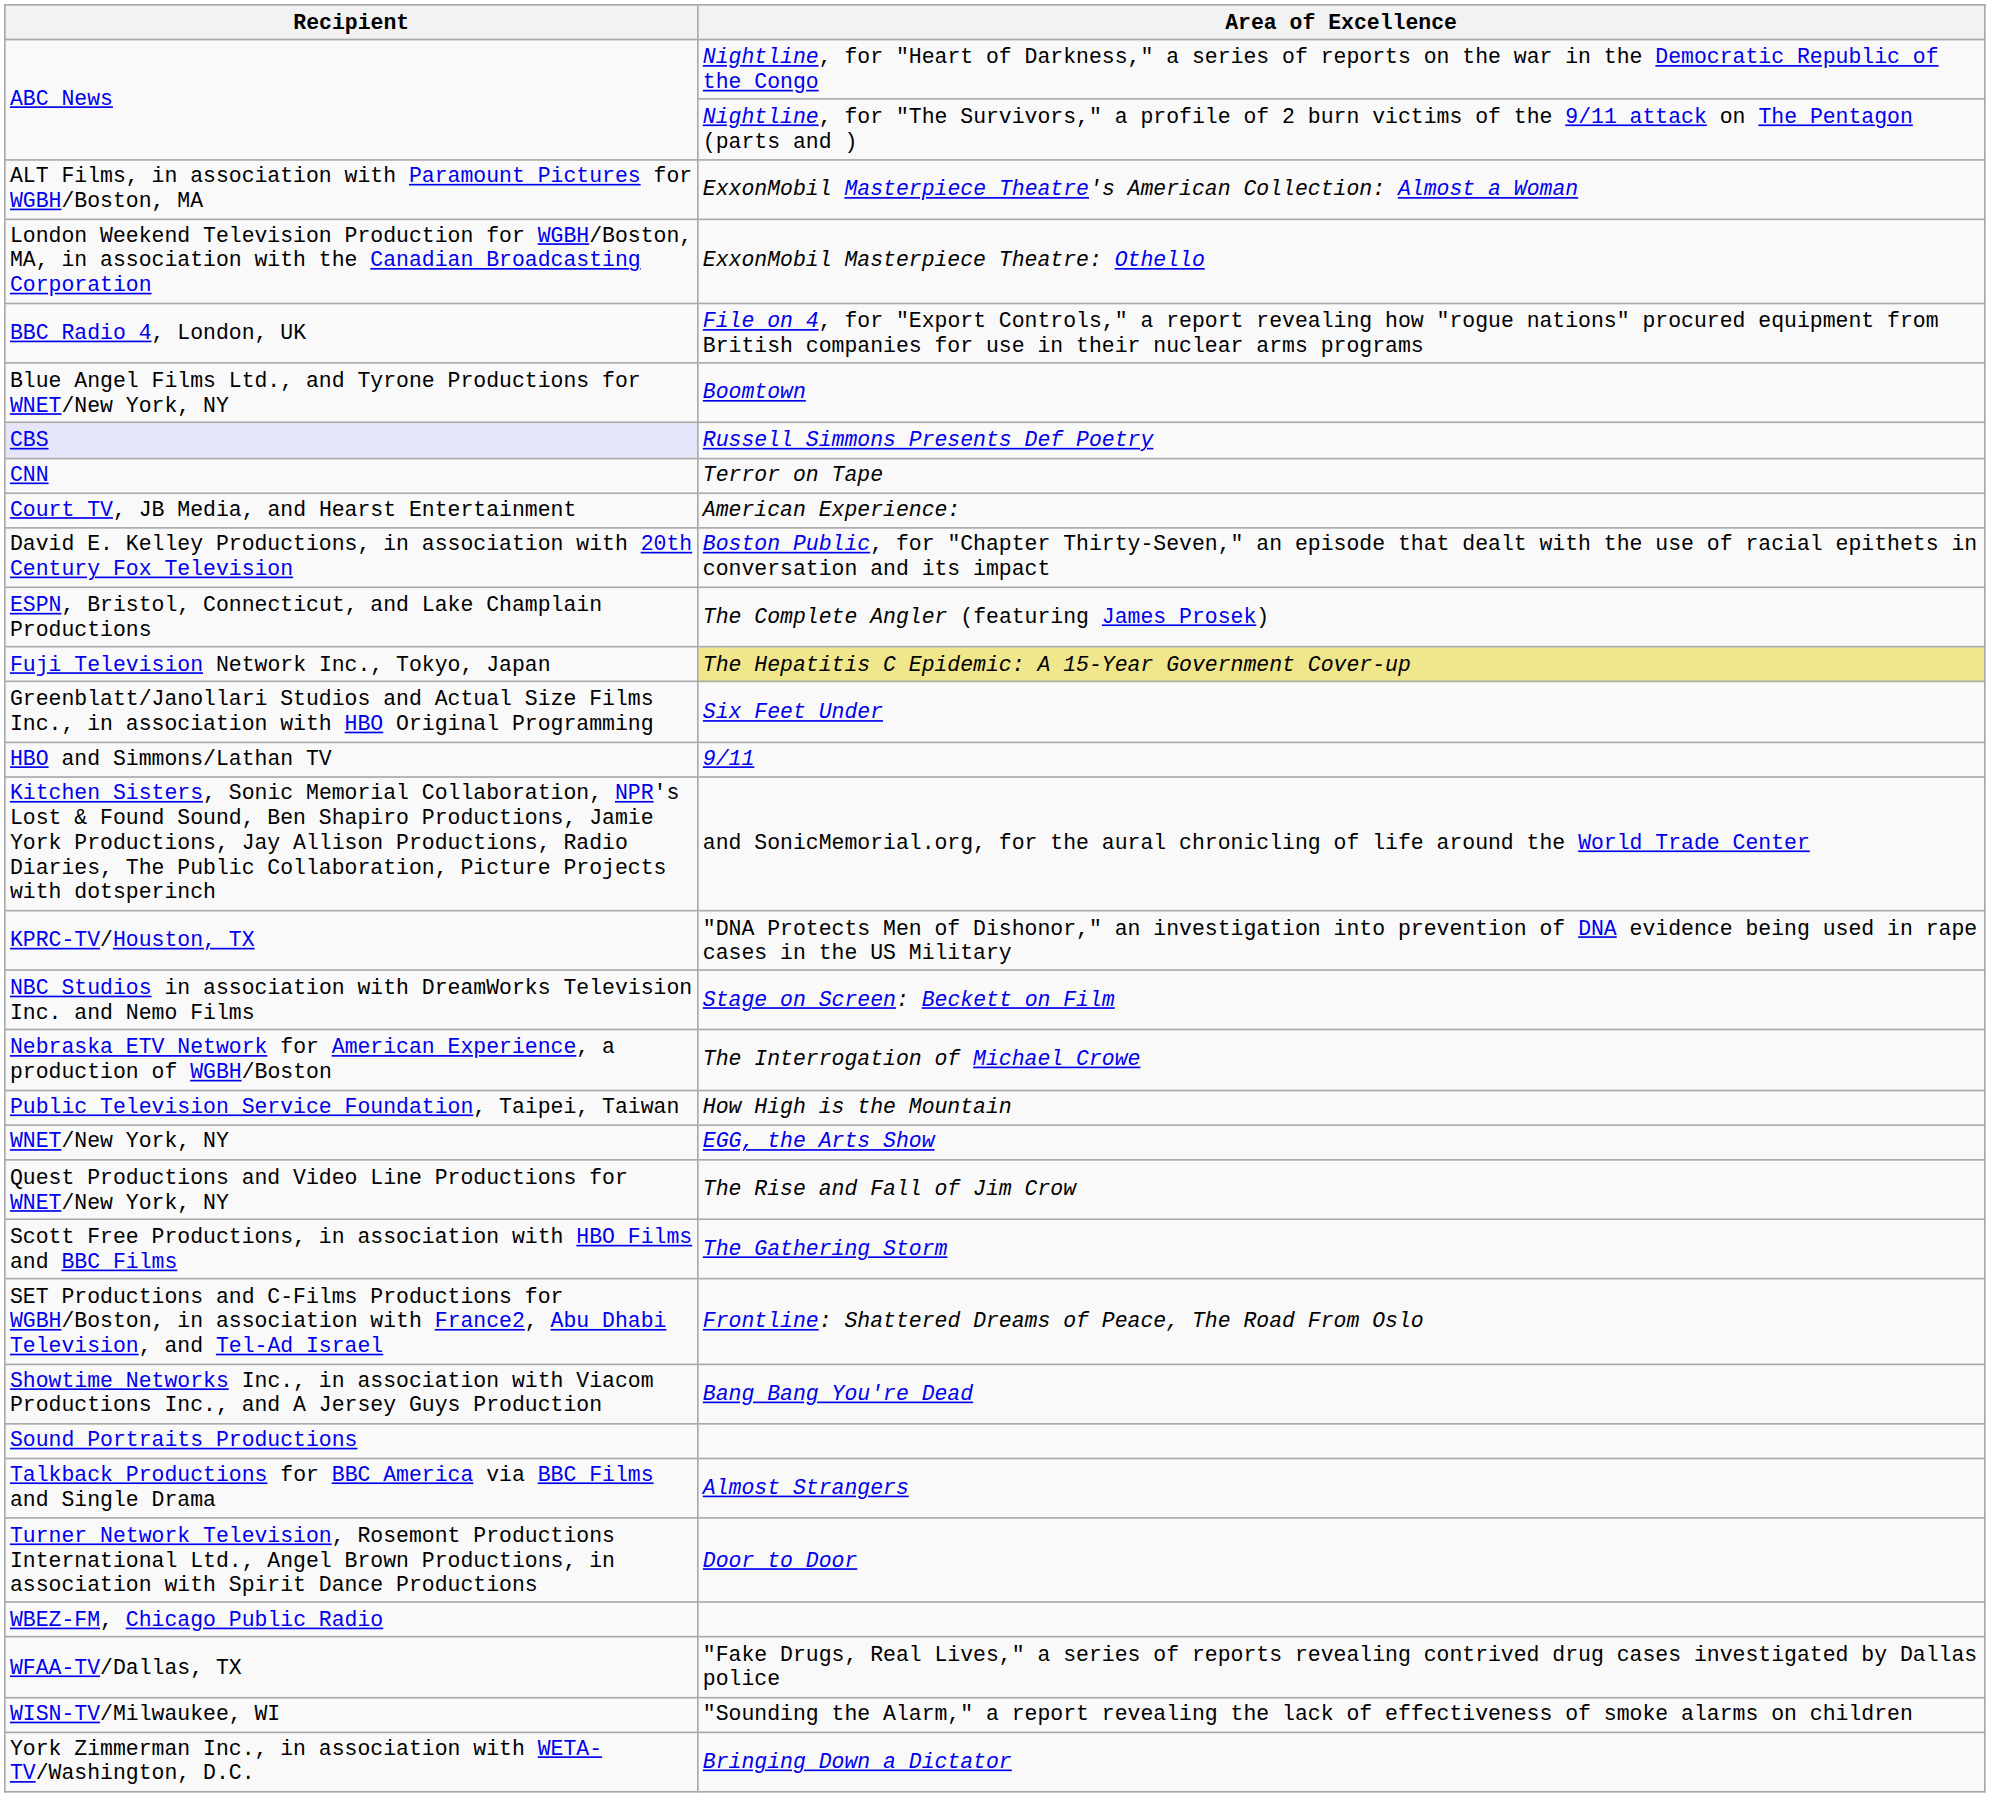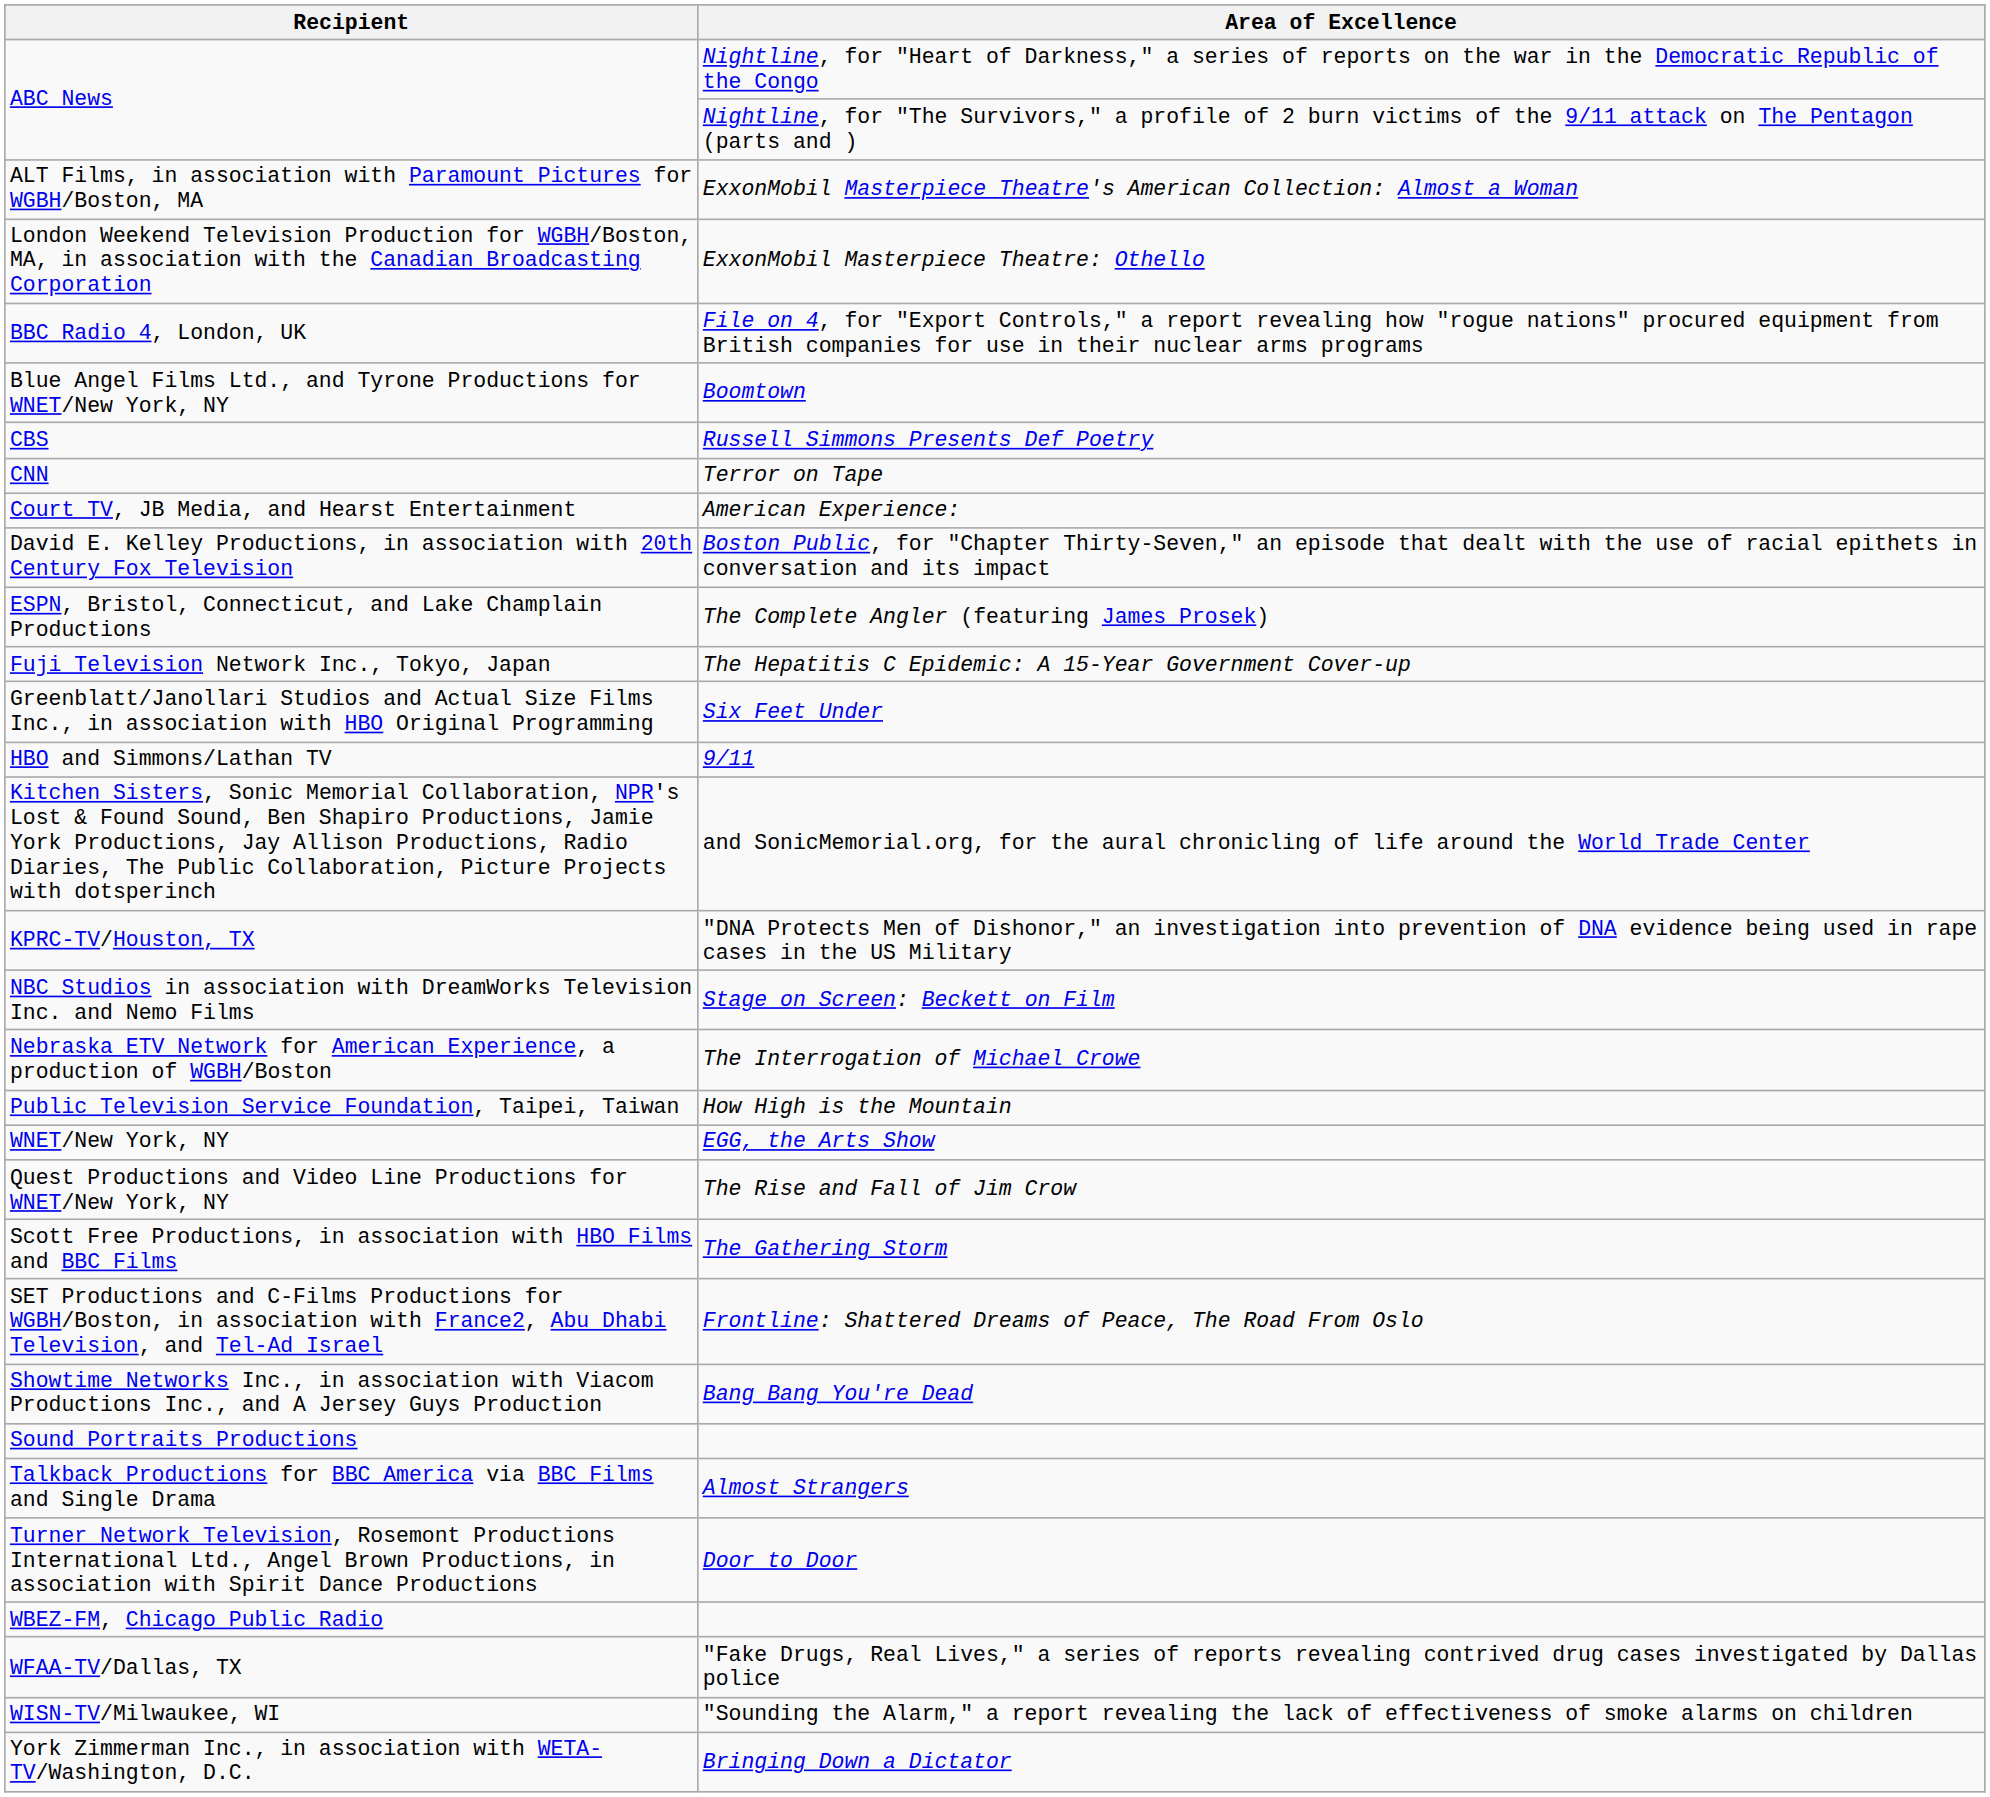 <table class="wikitable" style="width:95%">
 <tr bgcolor="#CCCCCC">
 <th width=35%>Recipient</th>
 <th width=65%>Area of Excellence</th>
 </tr>
 <tr>
 <td rowspan="2"><a href='#'>ABC News</a></td>
 <td><em><a href='#'>Nightline</a></em>, for "Heart of Darkness," a series of reports on the war in the <a href='#'>Democratic Republic of the Congo</a></td>
 </tr>
 <tr>
 <td><em><a href='#'>Nightline</a></em>, for "The Survivors," a profile of 2 burn victims of the <a href='#'>9/11 attack</a> on <a href='#'>The Pentagon</a> (parts  and )</td>
 </tr>
 <tr>
 <td>ALT Films, in association with <a href='#'>Paramount Pictures</a> for <a href='#'>WGBH</a>/Boston, MA<br></td>
 <td><em>ExxonMobil <a href='#'>Masterpiece Theatre</a>'s American Collection: <a href='#'>Almost a Woman</a></em></td>
 </tr>
 <tr>
 <td rowspan="1">London Weekend Television Production for <a href='#'>WGBH</a>/Boston, MA, in association with the <a href='#'>Canadian Broadcasting Corporation</a><br></td>
 <td><em>ExxonMobil Masterpiece Theatre: <a href='#'>Othello</a></em></td>
 </tr>
 <tr>
 <td rowspan="1"><a href='#'>BBC Radio 4</a>, London, UK</td>
 <td><em><a href='#'>File on 4</a></em>, for "Export Controls," a report revealing how "rogue nations" procured equipment from British companies for use in their nuclear arms programs</td>
 </tr>
 <tr>
 <td>Blue Angel Films Ltd., and Tyrone Productions for <a href='#'>WNET</a>/New York, NY</td>
 <td><em><a href='#'>Boomtown</a></em></td>
 </tr>
 <tr>
-<td rowspan="1" style="background: lavender;"><a href='#'>CBS</a></td>
+<td rowspan="1"><a href='#'>CBS</a></td>
 <td><em><a href='#'>Russell Simmons Presents Def Poetry</a></em></td>
 </tr>
 <tr>
 <td rowspan="1"><a href='#'>CNN</a></td>
 <td><em>Terror on Tape</em></td>
 </tr>
 <tr>
 <td rowspan="1"><a href='#'>Court TV</a>, JB Media, and Hearst Entertainment</td>
 <td><em>American Experience: </em></td>
 </tr>
 <tr>
 <td rowspan="1">David E. Kelley Productions, in association with <a href='#'>20th Century Fox Television</a></td>
 <td><em><a href='#'>Boston Public</a></em>, for "Chapter Thirty-Seven," an episode that dealt with the use of racial epithets in conversation and its impact</td>
 </tr>
 <tr>
 <td rowspan="1"><a href='#'>ESPN</a>, Bristol, Connecticut, and Lake Champlain Productions</td>
 <td><em>The Complete Angler</em> (featuring <a href='#'>James Prosek</a>)</td>
 </tr>
 <tr>
 <td rowspan="1"><a href='#'>Fuji Television</a> Network Inc., Tokyo, Japan</td>
-<td style="background: khaki;"><em>The Hepatitis C Epidemic: A 15-Year Government Cover-up</em></td>
+<td><em>The Hepatitis C Epidemic: A 15-Year Government Cover-up</em></td>
 </tr>
 <tr>
 <td rowspan="1">Greenblatt/Janollari Studios and Actual Size Films Inc., in association with <a href='#'>HBO</a> Original Programming</td>
 <td><em><a href='#'>Six Feet Under</a></em></td>
 </tr>
 <tr>
 <td rowspan="1"><a href='#'>HBO</a> and Simmons/Lathan TV</td>
 <td><em><a href='#'>9/11</a></em></td>
 </tr>
 <tr>
 <td><a href='#'>Kitchen Sisters</a>, Sonic Memorial Collaboration, <a href='#'>NPR</a>'s Lost & Found Sound, Ben Shapiro Productions, Jamie York Productions, Jay Allison Productions, Radio Diaries, The Public Collaboration, Picture Projects with dotsperinch</td>
 <td><em></em> and SonicMemorial.org, for the aural chronicling of life around the <a href='#'>World Trade Center</a></td>
 </tr>
 <tr>
 <td rowspan="1"><a href='#'>KPRC-TV</a>/<a href='#'>Houston, TX</a></td>
 <td>"DNA Protects Men of Dishonor," an investigation into prevention of <a href='#'>DNA</a> evidence being used in rape cases in the US Military</td>
 </tr>
 <tr>
 <td><a href='#'>NBC Studios</a> in association with DreamWorks Television Inc. and Nemo Films</td>
 <td><em><a href='#'>Stage on Screen</a>: <a href='#'>Beckett on Film</a></em></td>
 </tr>
 <tr>
 <td rowspan="1"><a href='#'>Nebraska ETV Network</a> for <a href='#'>American Experience</a>, a production of <a href='#'>WGBH</a>/Boston<br></td>
 <td><em>The Interrogation of <a href='#'>Michael Crowe</a></em></td>
 </tr>
 <tr>
 <td rowspan="1"><a href='#'>Public Television Service Foundation</a>, Taipei, Taiwan</td>
 <td><em>How High is the Mountain</em></td>
 </tr>
 <tr>
 <td><a href='#'>WNET</a>/New York, NY</td>
 <td><em><a href='#'>EGG, the Arts Show</a></em></td>
 </tr>
 <tr>
 <td rowspan="1">Quest Productions and Video Line Productions for <a href='#'>WNET</a>/New York, NY<br></td>
 <td><em>The Rise and Fall of Jim Crow</em></td>
 </tr>
 <tr>
 <td rowspan="1">Scott Free Productions, in association with <a href='#'>HBO Films</a> and <a href='#'>BBC Films</a></td>
 <td><em><a href='#'>The Gathering Storm</a></em></td>
 </tr>
 <tr>
 <td rowspan="1">SET Productions and C-Films Productions for <a href='#'>WGBH</a>/Boston, in association with <a href='#'>France2</a>, <a href='#'>Abu Dhabi Television</a>, and <a href='#'>Tel-Ad Israel</a><br></td>
 <td><em><a href='#'>Frontline</a>: Shattered Dreams of Peace, The Road From Oslo</em></td>
 </tr>
 <tr>
 <td rowspan="1"><a href='#'>Showtime Networks</a> Inc., in association with Viacom Productions Inc., and A Jersey Guys Production</td>
 <td><em><a href='#'>Bang Bang You're Dead</a></em></td>
 </tr>
 <tr>
 <td rowspan="1"><a href='#'>Sound Portraits Productions</a><br></td>
 <td><em></em></td>
 </tr>
 <tr>
 <td rowspan="1"><a href='#'>Talkback Productions</a> for <a href='#'>BBC America</a> via <a href='#'>BBC Films</a> and Single Drama</td>
 <td><em><a href='#'>Almost Strangers</a></em></td>
 </tr>
 <tr>
 <td rowspan="1"><a href='#'>Turner Network Television</a>, Rosemont Productions International Ltd., Angel Brown Productions, in association with Spirit Dance Productions</td>
 <td><em><a href='#'>Door to Door</a></em></td>
 </tr>
 <tr>
 <td rowspan="1"><a href='#'>WBEZ-FM</a>, <a href='#'>Chicago Public Radio</a></td>
 <td><em></em></td>
 </tr>
 <tr>
 <td><a href='#'>WFAA-TV</a>/Dallas, TX</td>
 <td>"Fake Drugs, Real Lives," a series of reports revealing contrived drug cases investigated by Dallas police</td>
 </tr>
 <tr>
 <td><a href='#'>WISN-TV</a>/Milwaukee, WI</td>
 <td>"Sounding the Alarm," a report revealing the lack of effectiveness of smoke alarms on children</td>
 </tr>
 <tr>
 <td rowspan="1">York Zimmerman Inc., in association with <a href='#'>WETA-TV</a>/Washington, D.C.<br></td>
 <td><em><a href='#'>Bringing Down a Dictator</a></em></td>
 </tr>
 </table>
